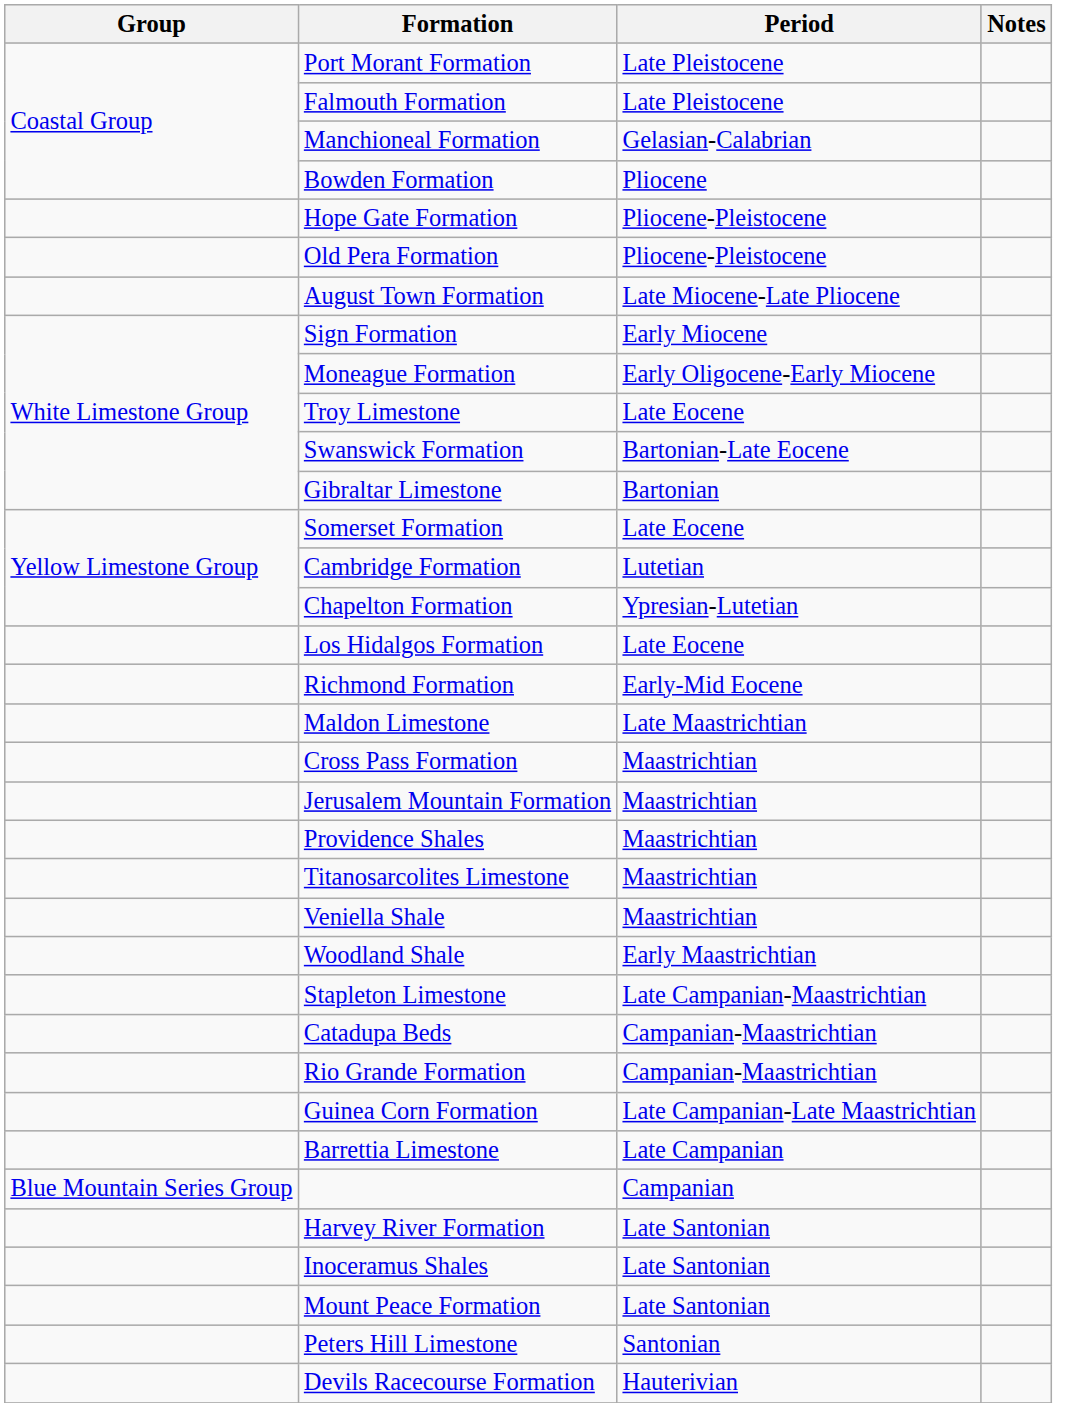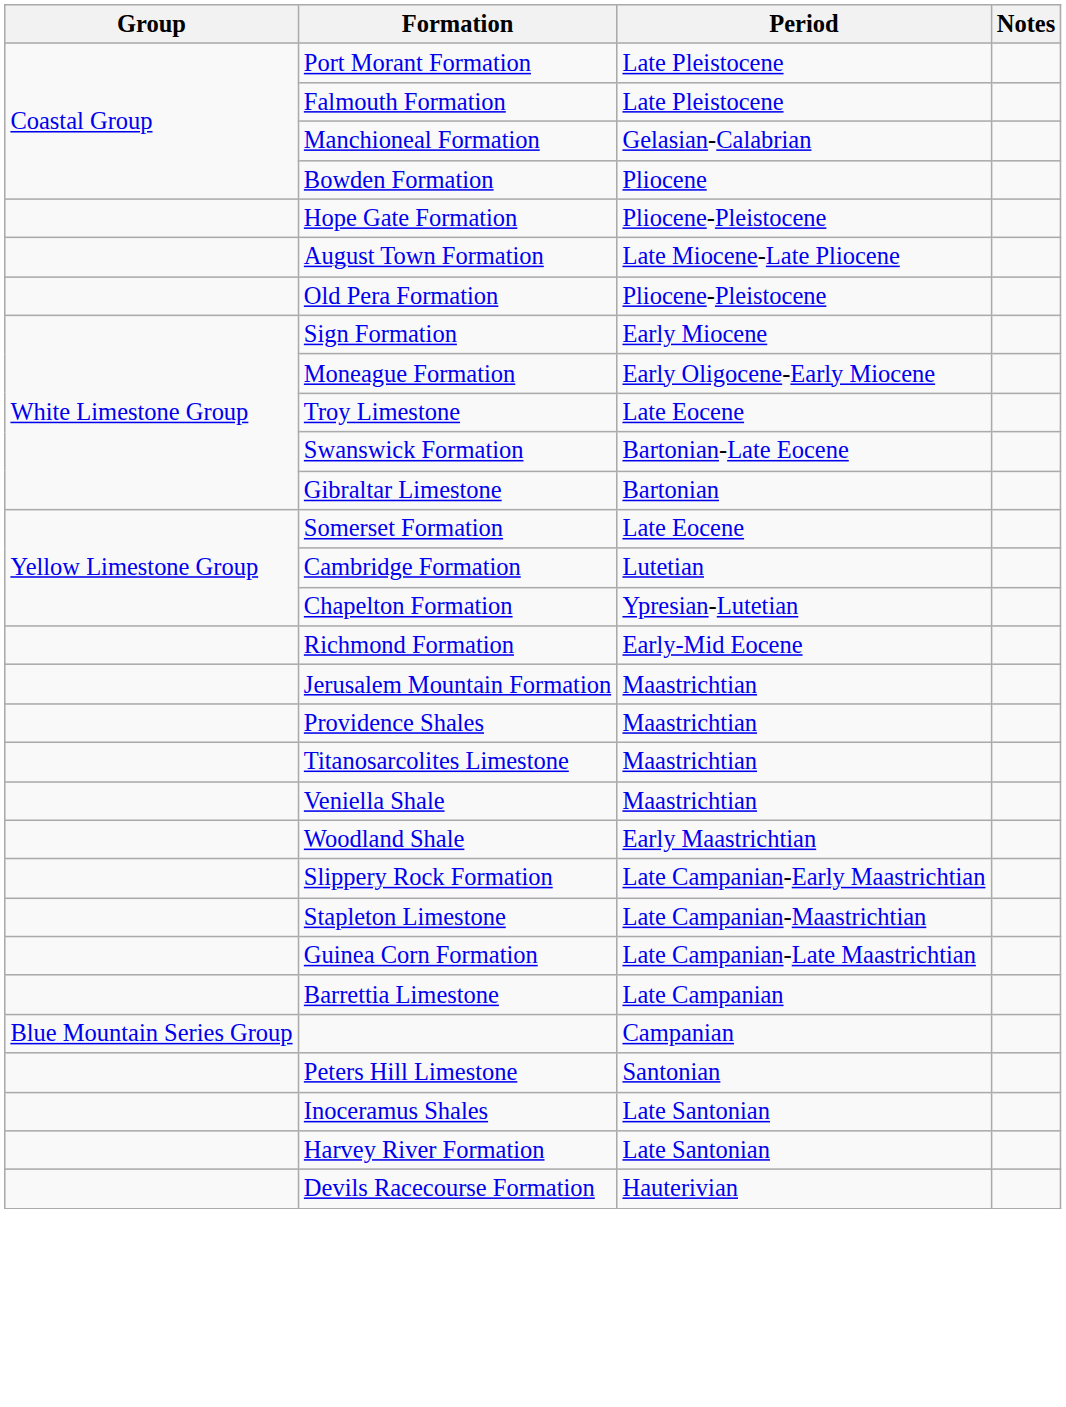 <table class="wikitable sortable">
 <tr>
 <th>Group</th>
 <th>Formation</th>
 <th>Period</th>
 <th class="unsortable">Notes</th>
 </tr>
 <tr>
 <td rowspan=4><a href='#'>Coastal Group</a></td>
 <td><a href='#'>Port Morant Formation</a></td>
 <td style="background-color: "><a href='#'>Late Pleistocene</a></td>
 <td align=center></td>
 </tr>
 <tr>
 <td><a href='#'>Falmouth Formation</a></td>
 <td style="background-color: "><a href='#'>Late Pleistocene</a></td>
 <td align=center></td>
 </tr>
 <tr>
 <td><a href='#'>Manchioneal Formation</a></td>
 <td style="background-color: "><a href='#'>Gelasian</a>-<a href='#'>Calabrian</a></td>
 <td align=center></td>
 </tr>
 <tr>
 <td><a href='#'>Bowden Formation</a></td>
 <td style="background-color: "><a href='#'>Pliocene</a></td>
 <td align=center></td>
 </tr>
 <tr>
 <td></td>
 <td><a href='#'>Hope Gate Formation</a></td>
 <td style="background-color: "><a href='#'>Pliocene</a>-<a href='#'>Pleistocene</a></td>
 <td align=center></td>
 </tr>
 <tr>
 <td></td>
-<td><a href='#'>Old Pera Formation</a></td>
-<td style="background-color: "><a href='#'>Pliocene</a>-<a href='#'>Pleistocene</a></td>
+<td><a href='#'>August Town Formation</a></td>
+<td style="background-color: "><a href='#'>Late Miocene</a>-<a href='#'>Late Pliocene</a></td>
 <td align=center></td>
 </tr>
 <tr>
 <td></td>
-<td><a href='#'>August Town Formation</a></td>
-<td style="background-color: "><a href='#'>Late Miocene</a>-<a href='#'>Late Pliocene</a></td>
+<td><a href='#'>Old Pera Formation</a></td>
+<td style="background-color: "><a href='#'>Pliocene</a>-<a href='#'>Pleistocene</a></td>
 <td align=center></td>
 </tr>
 <tr>
 <td rowspan=5><a href='#'>White Limestone Group</a></td>
 <td><a href='#'>Sign Formation</a></td>
 <td style="background-color: "><a href='#'>Early Miocene</a></td>
 <td align=center></td>
 </tr>
 <tr>
 <td><a href='#'>Moneague Formation</a></td>
 <td style="background-color: "><a href='#'>Early Oligocene</a>-<a href='#'>Early Miocene</a></td>
 <td align=center></td>
 </tr>
 <tr>
 <td><a href='#'>Troy Limestone</a></td>
 <td style="background-color: "><a href='#'>Late Eocene</a></td>
 <td align=center></td>
 </tr>
 <tr>
 <td><a href='#'>Swanswick Formation</a></td>
 <td style="background-color: "><a href='#'>Bartonian</a>-<a href='#'>Late Eocene</a></td>
 <td align=center></td>
 </tr>
 <tr>
 <td><a href='#'>Gibraltar Limestone</a></td>
 <td style="background-color: "><a href='#'>Bartonian</a></td>
 <td align=center></td>
 </tr>
 <tr>
 <td rowspan=3><a href='#'>Yellow Limestone Group</a></td>
 <td><a href='#'>Somerset Formation</a></td>
 <td style="background-color: "><a href='#'>Late Eocene</a></td>
 <td align=center></td>
 </tr>
 <tr>
 <td><a href='#'>Cambridge Formation</a></td>
 <td style="background-color: "><a href='#'>Lutetian</a></td>
 <td align=center></td>
 </tr>
 <tr>
 <td><a href='#'>Chapelton Formation</a></td>
 <td style="background-color: "><a href='#'>Ypresian</a>-<a href='#'>Lutetian</a></td>
 <td align=center></td>
 </tr>
 <tr>
 <td></td>
-<td><a href='#'>Los Hidalgos Formation</a></td>
-<td style="background-color: "><a href='#'>Late Eocene</a></td>
-<td align=center></td>
-</tr>
-<tr>
-<td></td>
 <td><a href='#'>Richmond Formation</a></td>
 <td style="background-color: "><a href='#'>Early-Mid Eocene</a></td>
-<td align=center></td>
-</tr>
-<tr>
-<td></td>
-<td><a href='#'>Maldon Limestone</a></td>
-<td style="background-color: "><a href='#'>Late Maastrichtian</a></td>
-<td align=center></td>
-</tr>
-<tr>
-<td></td>
-<td><a href='#'>Cross Pass Formation</a></td>
-<td style="background-color: "><a href='#'>Maastrichtian</a></td>
 <td align=center></td>
 </tr>
 <tr>
 <td></td>
 <td><a href='#'>Jerusalem Mountain Formation</a></td>
 <td style="background-color: "><a href='#'>Maastrichtian</a></td>
 <td align=center></td>
 </tr>
 <tr>
 <td></td>
 <td><a href='#'>Providence Shales</a></td>
 <td style="background-color: "><a href='#'>Maastrichtian</a></td>
 <td align=center></td>
 </tr>
 <tr>
 <td></td>
 <td><a href='#'>Titanosarcolites Limestone</a></td>
 <td style="background-color: "><a href='#'>Maastrichtian</a></td>
 <td align=center></td>
 </tr>
 <tr>
 <td></td>
 <td><a href='#'>Veniella Shale</a></td>
 <td style="background-color: "><a href='#'>Maastrichtian</a></td>
 <td align=center></td>
 </tr>
 <tr>
 <td></td>
 <td><a href='#'>Woodland Shale</a></td>
 <td style="background-color: "><a href='#'>Early Maastrichtian</a></td>
 <td align=center></td>
 </tr>
 <tr>
 <td></td>
-<td><a href='#'>Stapleton Limestone</a></td>
-<td style="background-color: "><a href='#'>Late Campanian</a>-<a href='#'>Maastrichtian</a></td>
+<td><a href='#'>Slippery Rock Formation</a></td>
+<td style="background-color: "><a href='#'>Late Campanian</a>-<a href='#'>Early Maastrichtian</a></td>
 <td align=center></td>
 </tr>
 <tr>
 <td></td>
-<td><a href='#'>Catadupa Beds</a></td>
-<td style="background-color: "><a href='#'>Campanian</a>-<a href='#'>Maastrichtian</a></td>
-<td align=center></td>
-</tr>
-<tr>
-<td></td>
-<td><a href='#'>Rio Grande Formation</a></td>
-<td style="background-color: "><a href='#'>Campanian</a>-<a href='#'>Maastrichtian</a></td>
+<td><a href='#'>Stapleton Limestone</a></td>
+<td style="background-color: "><a href='#'>Late Campanian</a>-<a href='#'>Maastrichtian</a></td>
 <td align=center></td>
 </tr>
 <tr>
 <td></td>
 <td><a href='#'>Guinea Corn Formation</a></td>
 <td style="background-color: "><a href='#'>Late Campanian</a>-<a href='#'>Late Maastrichtian</a></td>
 <td align=center></td>
 </tr>
 <tr>
 <td></td>
 <td><a href='#'>Barrettia Limestone</a></td>
 <td style="background-color: "><a href='#'>Late Campanian</a></td>
 <td align=center></td>
 </tr>
 <tr>
 <td><a href='#'>Blue Mountain Series Group</a></td>
 <td></td>
 <td style="background-color: "><a href='#'>Campanian</a></td>
 <td align=center></td>
 </tr>
 <tr>
 <td></td>
-<td><a href='#'>Harvey River Formation</a></td>
-<td style="background-color: "><a href='#'>Late Santonian</a></td>
+<td><a href='#'>Peters Hill Limestone</a></td>
+<td style="background-color: "><a href='#'>Santonian</a></td>
 <td align=center></td>
 </tr>
 <tr>
 <td></td>
 <td><a href='#'>Inoceramus Shales</a></td>
 <td style="background-color: "><a href='#'>Late Santonian</a></td>
 <td align=center></td>
 </tr>
 <tr>
 <td></td>
-<td><a href='#'>Mount Peace Formation</a></td>
+<td><a href='#'>Harvey River Formation</a></td>
 <td style="background-color: "><a href='#'>Late Santonian</a></td>
-<td align=center></td>
-</tr>
-<tr>
-<td></td>
-<td><a href='#'>Peters Hill Limestone</a></td>
-<td style="background-color: "><a href='#'>Santonian</a></td>
 <td align=center></td>
 </tr>
 <tr>
 <td></td>
 <td><a href='#'>Devils Racecourse Formation</a></td>
 <td style="background-color: "><a href='#'>Hauterivian</a></td>
 <td align=center></td>
 </tr>
 <tr>
 </tr>
 </table>
